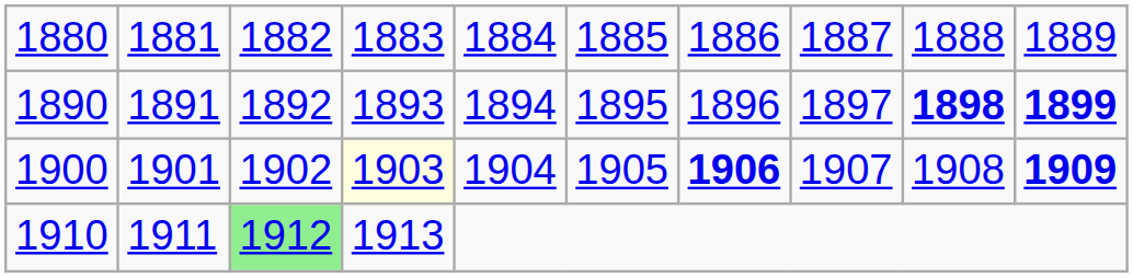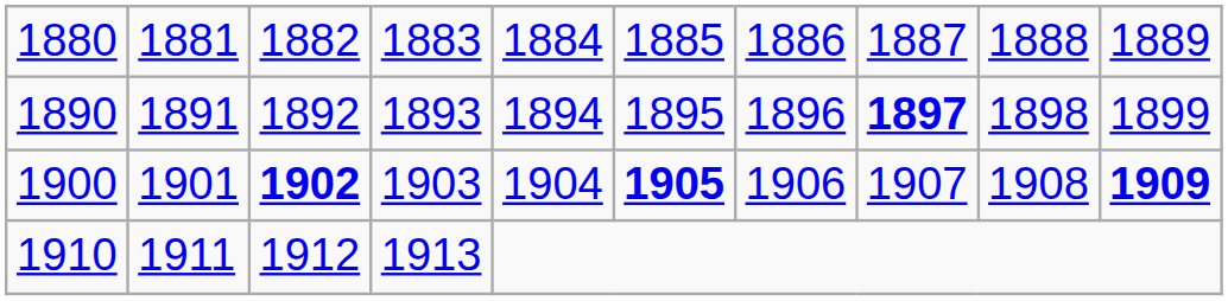 <table class="wikitable">
 <tr>
 <td><a href='#'>1880</a></td>
 <td><a href='#'>1881</a></td>
 <td><a href='#'>1882</a></td>
 <td><a href='#'>1883</a></td>
 <td><a href='#'>1884</a></td>
 <td><a href='#'>1885</a></td>
 <td><a href='#'>1886</a></td>
 <td><a href='#'>1887</a></td>
 <td><a href='#'>1888</a></td>
 <td><a href='#'>1889</a></td>
 </tr>
 <tr>
 <td><a href='#'>1890</a></td>
 <td><a href='#'>1891</a></td>
 <td><a href='#'>1892</a></td>
 <td><a href='#'>1893</a></td>
 <td><a href='#'>1894</a></td>
 <td><a href='#'>1895</a></td>
 <td><a href='#'>1896</a></td>
-<td><a href='#'>1897</a></td>
-<td><strong><a href='#'>1898</a></strong></td>
-<td><strong><a href='#'>1899</a></strong></td>
+<td><strong><a href='#'>1897</a></strong></td>
+<td><a href='#'>1898</a></td>
+<td><a href='#'>1899</a></td>
 </tr>
 <tr>
 <td><a href='#'>1900</a></td>
 <td><a href='#'>1901</a></td>
-<td><a href='#'>1902</a></td>
-<td style="background: lightyellow;"><a href='#'>1903</a></td>
+<td><strong><a href='#'>1902</a></strong></td>
+<td><a href='#'>1903</a></td>
 <td><a href='#'>1904</a></td>
-<td><a href='#'>1905</a></td>
-<td><strong><a href='#'>1906</a></strong></td>
+<td><strong><a href='#'>1905</a></strong></td>
+<td><a href='#'>1906</a></td>
 <td><a href='#'>1907</a></td>
 <td><a href='#'>1908</a></td>
 <td><strong><a href='#'>1909</a></strong></td>
 </tr>
 <tr>
 <td><a href='#'>1910</a></td>
 <td><a href='#'>1911</a></td>
-<td style="background: lightgreen;"><a href='#'>1912</a></td>
+<td><a href='#'>1912</a></td>
 <td><a href='#'>1913</a></td>
 </tr>
 </table>
